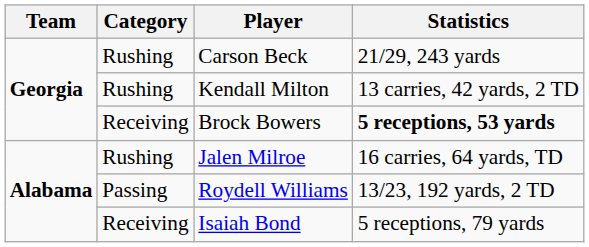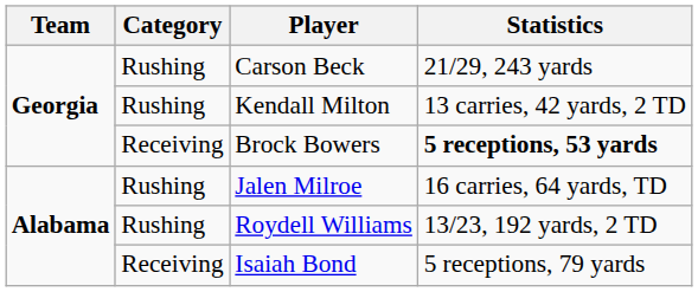 <table class="wikitable" style="float: right;">
 <tr>
 <th>Team</th>
 <th>Category</th>
 <th>Player</th>
 <th>Statistics</th>
 </tr>
 <tr>
 <td rowspan=3><strong>Georgia</strong></td>
 <td>Rushing</td>
 <td>Carson Beck</td>
 <td>21/29, 243 yards</td>
 </tr>
 <tr>
 <td>Rushing</td>
 <td>Kendall Milton</td>
 <td>13 carries, 42 yards, 2 TD</td>
 </tr>
 <tr>
 <td>Receiving</td>
 <td>Brock Bowers</td>
 <td><strong>5 receptions, 53 yards</strong></td>
 </tr>
 <tr>
 <td rowspan=3><strong>Alabama</strong></td>
 <td>Rushing</td>
 <td><a href='#'>Jalen Milroe</a></td>
 <td>16 carries, 64 yards, TD</td>
 </tr>
 <tr>
-<td>Passing</td>
+<td>Rushing</td>
 <td><a href='#'>Roydell Williams</a></td>
 <td>13/23, 192 yards, 2 TD</td>
 </tr>
 <tr>
 <td>Receiving</td>
 <td><a href='#'>Isaiah Bond</a></td>
 <td>5 receptions, 79 yards</td>
 </tr>
 </table>
